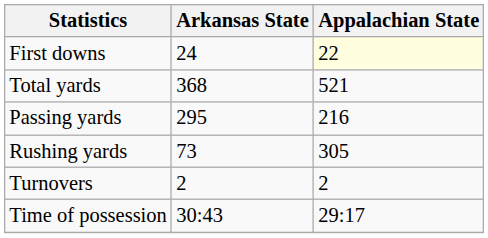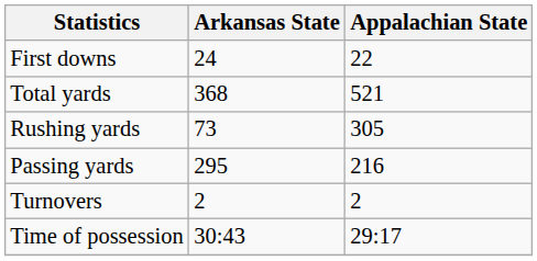 <table class="wikitable">
 <tr>
 <th>Statistics</th>
 <th>Arkansas State</th>
 <th>Appalachian State</th>
 </tr>
 <tr>
 <td>First downs</td>
 <td>24</td>
-<td style="background: lightyellow;">22</td>
+<td>22</td>
 </tr>
 <tr>
 <td>Total yards</td>
 <td>368</td>
 <td>521</td>
 </tr>
 <tr>
+<td>Rushing yards</td>
+<td>73</td>
+<td>305</td>
+</tr>
+<tr>
 <td>Passing yards</td>
 <td>295</td>
 <td>216</td>
-</tr>
-<tr>
-<td>Rushing yards</td>
-<td>73</td>
-<td>305</td>
 </tr>
 <tr>
 <td>Turnovers</td>
 <td>2</td>
 <td>2</td>
 </tr>
 <tr>
 <td>Time of possession</td>
 <td>30:43</td>
 <td>29:17</td>
 </tr>
 <tr>
 </tr>
 </table>
